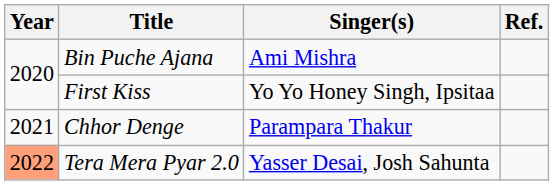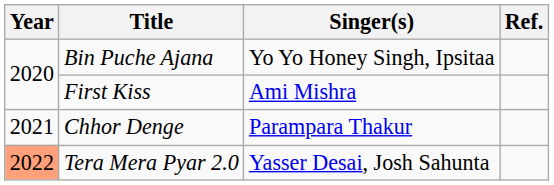 <table class="wikitable sortable">
 <tr style="text-align:center;">
 <th scope="col">Year</th>
 <th scope="col">Title</th>
 <th scope="col">Singer(s)</th>
 <th class="unsortable" scope="col">Ref.</th>
 </tr>
 <tr>
 <td rowspan="2">2020</td>
 <td><em>Bin Puche Ajana</em></td>
-<td><a href='#'>Ami Mishra</a></td>
+<td>Yo Yo Honey Singh, Ipsitaa</td>
 <td></td>
 </tr>
 <tr>
 <td><em>First Kiss</em></td>
-<td>Yo Yo Honey Singh, Ipsitaa</td>
+<td><a href='#'>Ami Mishra</a></td>
 <td></td>
 </tr>
 <tr>
 <td>2021</td>
 <td><em>Chhor Denge</em></td>
 <td><a href='#'>Parampara Thakur</a></td>
 <td></td>
 </tr>
 <tr>
 <td style="background: lightsalmon;">2022</td>
 <td><em>Tera Mera Pyar 2.0</em></td>
 <td><a href='#'>Yasser Desai</a>, Josh Sahunta</td>
 <td></td>
 </tr>
 </table>
